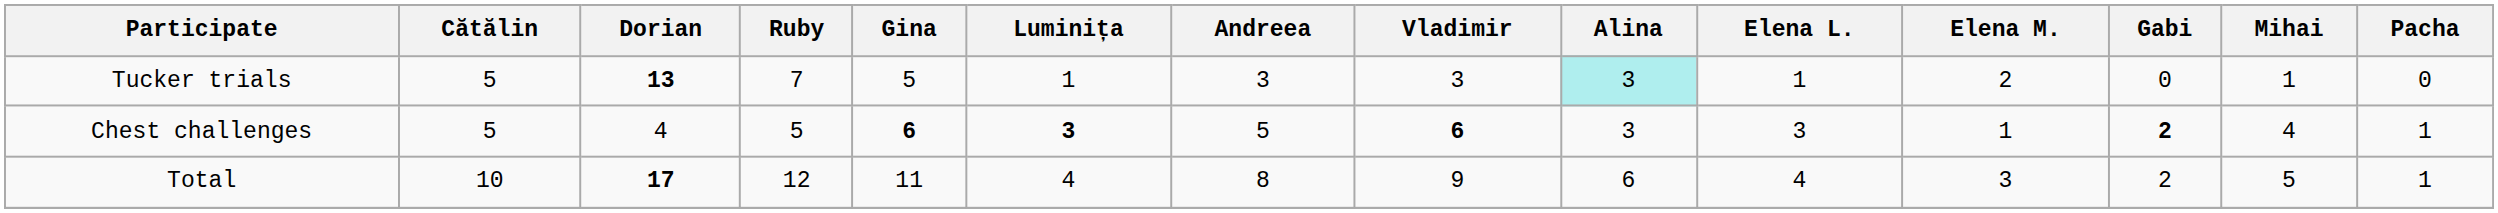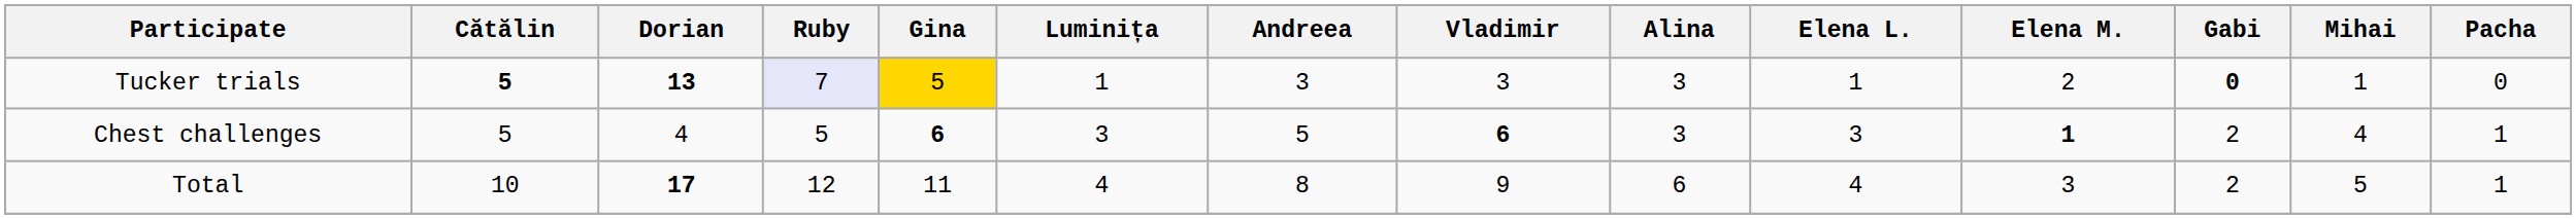 <table class="wikitable sortable" style="text-align:center; font-size:90%; line-height:20px; width:100%;">
 <tr>
 <th>Participate</th>
 <th>Cătălin</th>
 <th>Dorian</th>
 <th>Ruby</th>
 <th>Gina</th>
 <th>Luminița</th>
 <th>Andreea</th>
 <th>Vladimir</th>
 <th>Alina</th>
 <th>Elena L.</th>
 <th>Elena M.</th>
 <th>Gabi</th>
 <th>Mihai</th>
 <th>Pacha</th>
 </tr>
 <tr>
 <td>Tucker trials</td>
-<td>5</td>
+<td><strong>5</strong></td>
 <td><strong>13</strong></td>
-<td>7</td>
-<td>5</td>
+<td style="background: lavender;">7</td>
+<td style="background: gold;">5</td>
 <td>1</td>
 <td>3</td>
 <td>3</td>
-<td style="background: paleturquoise;">3</td>
+<td>3</td>
 <td>1</td>
 <td>2</td>
-<td>0</td>
+<td><strong>0</strong></td>
 <td>1</td>
 <td>0</td>
 </tr>
 <tr>
 <td>Chest challenges</td>
 <td>5</td>
 <td>4</td>
 <td>5</td>
 <td><strong>6</strong></td>
-<td><strong>3</strong></td>
+<td>3</td>
 <td>5</td>
 <td><strong>6</strong></td>
 <td>3</td>
 <td>3</td>
-<td>1</td>
-<td><strong>2</strong></td>
+<td><strong>1</strong></td>
+<td>2</td>
 <td>4</td>
 <td>1</td>
 </tr>
 <tr>
 <td>Total</td>
 <td>10</td>
 <td><strong>17</strong></td>
 <td>12</td>
 <td>11</td>
 <td>4</td>
 <td>8</td>
 <td>9</td>
 <td>6</td>
 <td>4</td>
 <td>3</td>
 <td>2</td>
 <td>5</td>
 <td>1</td>
 </tr>
 <tr>
 </tr>
 </table>
